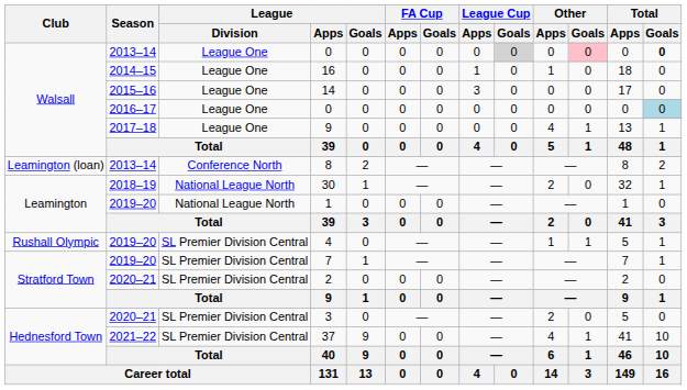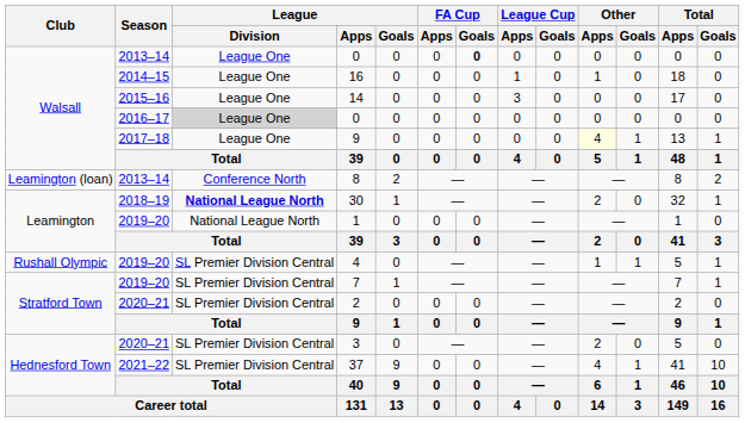 <table class="wikitable" style="text-align: center;">
 <tr>
 <th rowspan="2">Club</th>
 <th rowspan="2">Season</th>
 <th colspan="3">League</th>
 <th colspan="2"><a href='#'>FA Cup</a></th>
 <th colspan="2"><a href='#'>League Cup</a></th>
 <th colspan="2">Other</th>
 <th colspan="2">Total</th>
 </tr>
 <tr>
 <th>Division</th>
 <th>Apps</th>
 <th>Goals</th>
 <th>Apps</th>
 <th>Goals</th>
 <th>Apps</th>
 <th>Goals</th>
 <th>Apps</th>
 <th>Goals</th>
 <th>Apps</th>
 <th>Goals</th>
 </tr>
 <tr>
 <td rowspan="6"><a href='#'>Walsall</a></td>
 <td><a href='#'>2013–14</a></td>
 <td><a href='#'>League One</a></td>
 <td>0</td>
 <td>0</td>
 <td>0</td>
+<td><strong>0</strong></td>
 <td>0</td>
 <td>0</td>
-<td style="background: lightgrey;">0</td>
 <td>0</td>
-<td style="background: pink;">0</td>
 <td>0</td>
-<td><strong>0</strong></td>
+<td>0</td>
+<td>0</td>
 </tr>
 <tr>
 <td><a href='#'>2014–15</a></td>
 <td>League One</td>
 <td>16</td>
 <td>0</td>
 <td>0</td>
 <td>0</td>
 <td>1</td>
 <td>0</td>
 <td>1</td>
 <td>0</td>
 <td>18</td>
 <td>0</td>
 </tr>
 <tr>
 <td><a href='#'>2015–16</a></td>
 <td>League One</td>
 <td>14</td>
 <td>0</td>
 <td>0</td>
 <td>0</td>
 <td>3</td>
 <td>0</td>
 <td>0</td>
 <td>0</td>
 <td>17</td>
 <td>0</td>
 </tr>
 <tr>
 <td><a href='#'>2016–17</a></td>
-<td>League One</td>
+<td style="background: lightgrey;">League One</td>
 <td>0</td>
 <td>0</td>
 <td>0</td>
 <td>0</td>
 <td>0</td>
 <td>0</td>
 <td>0</td>
 <td>0</td>
 <td>0</td>
-<td style="background: lightblue;">0</td>
+<td>0</td>
 </tr>
 <tr>
 <td><a href='#'>2017–18</a></td>
 <td>League One</td>
 <td>9</td>
 <td>0</td>
 <td>0</td>
 <td>0</td>
 <td>0</td>
 <td>0</td>
-<td>4</td>
+<td style="background: lightyellow;">4</td>
 <td>1</td>
 <td>13</td>
 <td>1</td>
 </tr>
 <tr>
 <th colspan="2">Total</th>
 <th>39</th>
 <th>0</th>
 <th>0</th>
 <th>0</th>
 <th>4</th>
 <th>0</th>
 <th>5</th>
 <th>1</th>
 <th>48</th>
 <th>1</th>
 </tr>
 <tr>
 <td><a href='#'>Leamington</a> (loan)</td>
 <td><a href='#'>2013–14</a></td>
 <td><a href='#'>Conference North</a></td>
 <td>8</td>
 <td>2</td>
 <td colspan="2">—</td>
 <td colspan="2">—</td>
 <td colspan="2">—</td>
 <td>8</td>
 <td>2</td>
 </tr>
 <tr>
 <td rowspan="3">Leamington</td>
 <td><a href='#'>2018–19</a></td>
-<td><a href='#'>National League North</a></td>
+<td><strong><a href='#'>National League North</a></strong></td>
 <td>30</td>
 <td>1</td>
 <td colspan="2">—</td>
 <td colspan="2">—</td>
 <td>2</td>
 <td>0</td>
 <td>32</td>
 <td>1</td>
 </tr>
 <tr>
 <td><a href='#'>2019–20</a></td>
 <td>National League North</td>
 <td>1</td>
 <td>0</td>
 <td>0</td>
 <td>0</td>
 <td colspan="2">—</td>
 <td colspan="2">—</td>
 <td>1</td>
 <td>0</td>
 </tr>
 <tr>
 <th colspan="2">Total</th>
 <th>39</th>
 <th>3</th>
 <th>0</th>
 <th>0</th>
 <th colspan="2">—</th>
 <th>2</th>
 <th>0</th>
 <th>41</th>
 <th>3</th>
 </tr>
 <tr>
 <td><a href='#'>Rushall Olympic</a></td>
 <td><a href='#'>2019–20</a></td>
 <td><a href='#'>SL</a> Premier Division Central</td>
 <td>4</td>
 <td>0</td>
 <td colspan="2">—</td>
 <td colspan="2">—</td>
 <td>1</td>
 <td>1</td>
 <td>5</td>
 <td>1</td>
 </tr>
 <tr>
 <td rowspan="3"><a href='#'>Stratford Town</a></td>
 <td><a href='#'>2019–20</a></td>
 <td>SL Premier Division Central</td>
 <td>7</td>
 <td>1</td>
 <td colspan="2">—</td>
 <td colspan="2">—</td>
 <td colspan="2">—</td>
 <td>7</td>
 <td>1</td>
 </tr>
 <tr>
 <td><a href='#'>2020–21</a></td>
 <td>SL Premier Division Central</td>
 <td>2</td>
 <td>0</td>
 <td>0</td>
 <td>0</td>
 <td colspan="2">—</td>
 <td colspan="2">—</td>
 <td>2</td>
 <td>0</td>
 </tr>
 <tr>
 <th colspan="2">Total</th>
 <th>9</th>
 <th>1</th>
 <th>0</th>
 <th>0</th>
 <th colspan="2">—</th>
 <th colspan="2">—</th>
 <th>9</th>
 <th>1</th>
 </tr>
 <tr>
 <td rowspan="3"><a href='#'>Hednesford Town</a></td>
 <td><a href='#'>2020–21</a></td>
 <td>SL Premier Division Central</td>
 <td>3</td>
 <td>0</td>
 <td colspan="2">—</td>
 <td colspan="2">—</td>
 <td>2</td>
 <td>0</td>
 <td>5</td>
 <td>0</td>
 </tr>
 <tr>
 <td><a href='#'>2021–22</a></td>
 <td>SL Premier Division Central</td>
 <td>37</td>
 <td>9</td>
 <td>0</td>
 <td>0</td>
 <td colspan="2">—</td>
 <td>4</td>
 <td>1</td>
 <td>41</td>
 <td>10</td>
 </tr>
 <tr>
 <th colspan="2">Total</th>
 <th>40</th>
 <th>9</th>
 <th>0</th>
 <th>0</th>
 <th colspan="2">—</th>
 <th>6</th>
 <th>1</th>
 <th>46</th>
 <th>10</th>
 </tr>
 <tr>
 <th colspan="3">Career total</th>
 <th>131</th>
 <th>13</th>
 <th>0</th>
 <th>0</th>
 <th>4</th>
 <th>0</th>
 <th>14</th>
 <th>3</th>
 <th>149</th>
 <th>16</th>
 </tr>
 </table>
